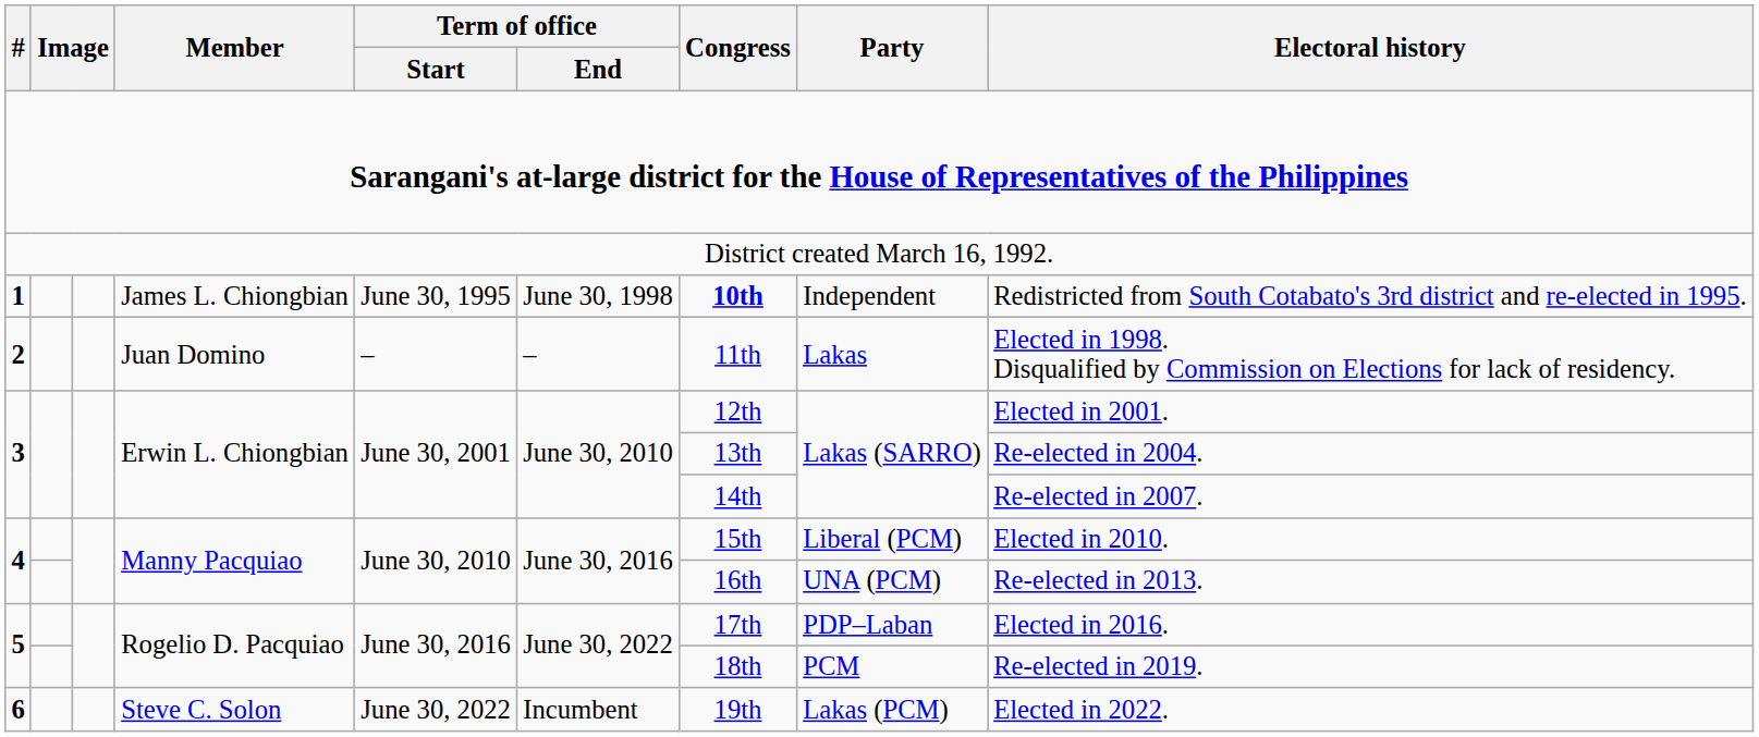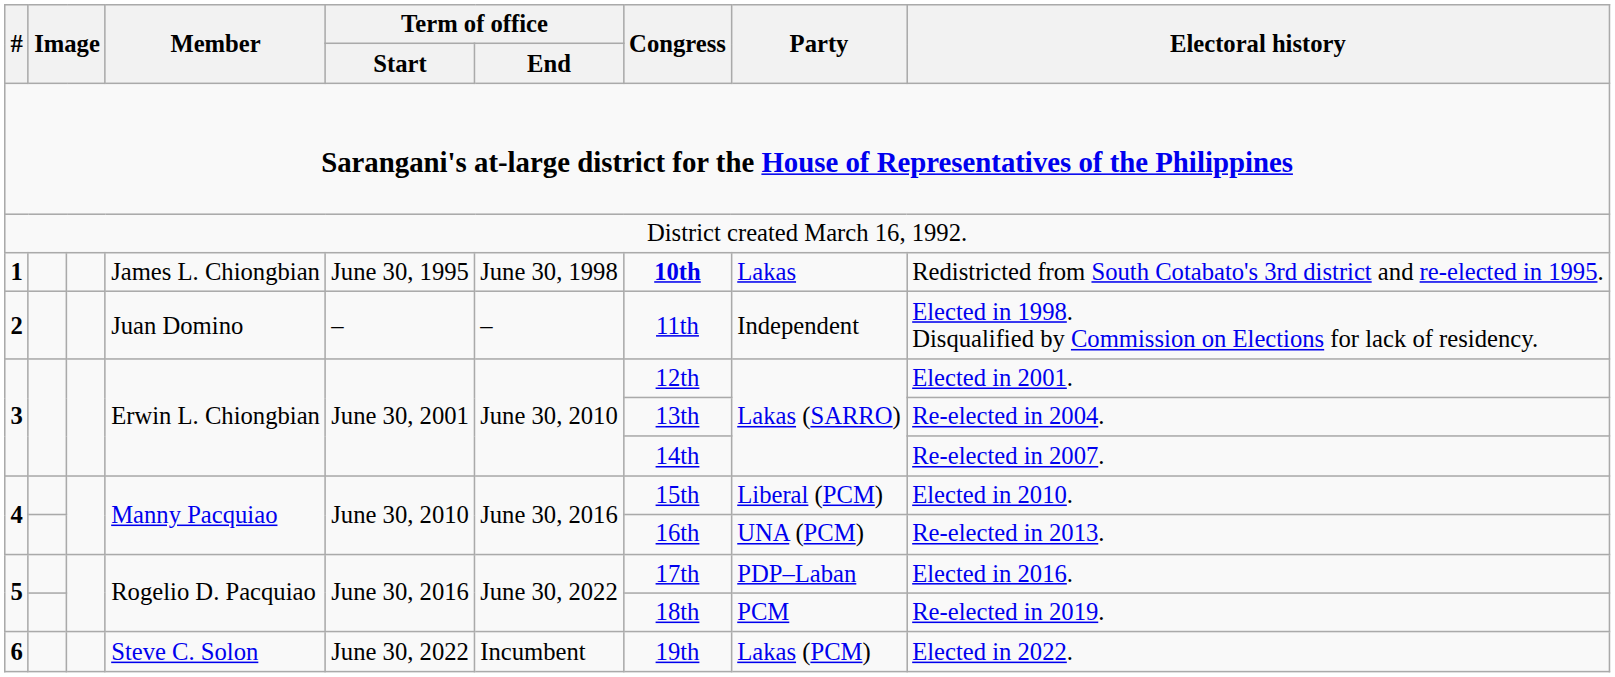 <table class=wikitable>
 <tr>
 <th rowspan="2">#</th>
 <th rowspan="2" colspan=2>Image</th>
 <th rowspan="2">Member</th>
 <th colspan=2>Term of office</th>
 <th rowspan="2">Congress</th>
 <th rowspan="2">Party</th>
 <th rowspan="2">Electoral history</th>
 </tr>
 <tr>
 <th>Start</th>
 <th>End</th>
 </tr>
 <tr>
 <td colspan="9" style="text-align:center;"><br><h3>Sarangani's at-large district for the <a href='#'>House of Representatives of the Philippines</a></h3></td>
 </tr>
 <tr>
 <td colspan="9" style="text-align:center;">District created March 16, 1992.</td>
 </tr>
 <tr>
 <td style="text-align:center;"><strong>1</strong></td>
 <td style="color:inherit;background:"></td>
 <td></td>
 <td>James L. Chiongbian</td>
 <td>June 30, 1995</td>
 <td>June 30, 1998</td>
 <td style="text-align:center;"><strong><a href='#'>10th</a></strong></td>
-<td>Independent</td>
+<td><a href='#'>Lakas</a></td>
 <td>Redistricted from <a href='#'>South Cotabato's 3rd district</a> and <a href='#'>re-elected in 1995</a>.</td>
 </tr>
 <tr>
 <td style="text-align:center;"><strong>2</strong></td>
 <td style="color:inherit;background:"></td>
 <td></td>
 <td>Juan Domino</td>
 <td>–</td>
 <td>–</td>
 <td style="text-align:center;"><a href='#'>11th</a></td>
-<td><a href='#'>Lakas</a></td>
+<td>Independent</td>
 <td><a href='#'>Elected in 1998</a>.<br>Disqualified by <a href='#'>Commission on Elections</a> for lack of residency. </td>
 </tr>
 <tr>
 <td rowspan="3" style="text-align:center;"><strong>3</strong></td>
 <td rowspan="3" style="color:inherit;background:"></td>
 <td rowspan="3"></td>
 <td rowspan="3">Erwin L. Chiongbian</td>
 <td rowspan="3">June 30, 2001</td>
 <td rowspan="3">June 30, 2010</td>
 <td style="text-align:center;"><a href='#'>12th</a></td>
 <td rowspan="3"><a href='#'>Lakas</a> (<a href='#'>SARRO</a>)</td>
 <td><a href='#'>Elected in 2001</a>.</td>
 </tr>
 <tr>
 <td style="text-align:center;"><a href='#'>13th</a></td>
 <td><a href='#'>Re-elected in 2004</a>.</td>
 </tr>
 <tr>
 <td style="text-align:center;"><a href='#'>14th</a></td>
 <td><a href='#'>Re-elected in 2007</a>.</td>
 </tr>
 <tr>
 <td rowspan="2" style="text-align:center;"><strong>4</strong></td>
 <td style="color:inherit;background:"></td>
 <td rowspan="2"></td>
 <td rowspan="2"><a href='#'>Manny Pacquiao</a></td>
 <td rowspan="2">June 30, 2010</td>
 <td rowspan="2">June 30, 2016</td>
 <td style="text-align:center;"><a href='#'>15th</a></td>
 <td><a href='#'>Liberal</a> (<a href='#'>PCM</a>)</td>
 <td><a href='#'>Elected in 2010</a>.</td>
 </tr>
 <tr>
 <td style="color:inherit;background:"></td>
 <td style="text-align:center;"><a href='#'>16th</a></td>
 <td><a href='#'>UNA</a> (<a href='#'>PCM</a>)</td>
 <td><a href='#'>Re-elected in 2013</a>.</td>
 </tr>
 <tr>
 <td rowspan="2" style="text-align:center;"><strong>5</strong></td>
 <td style="color:inherit;background:"></td>
 <td rowspan="2"></td>
 <td rowspan="2">Rogelio D. Pacquiao</td>
 <td rowspan="2">June 30, 2016</td>
 <td rowspan="2">June 30, 2022</td>
 <td style="text-align:center;"><a href='#'>17th</a></td>
 <td><a href='#'>PDP–Laban</a></td>
 <td><a href='#'>Elected in 2016</a>.</td>
 </tr>
 <tr>
 <td style="color:inherit;background:"></td>
 <td style="text-align:center;"><a href='#'>18th</a></td>
 <td><a href='#'>PCM</a></td>
 <td><a href='#'>Re-elected in 2019</a>.</td>
 </tr>
 <tr>
 <td style="text-align:center;"><strong>6</strong></td>
 <td style="color:inherit;background:"></td>
 <td></td>
 <td><a href='#'>Steve C. Solon</a></td>
 <td>June 30, 2022</td>
 <td>Incumbent</td>
 <td style="text-align:center;"><a href='#'>19th</a></td>
 <td><a href='#'>Lakas</a> (<a href='#'>PCM</a>)</td>
 <td><a href='#'>Elected in 2022</a>.</td>
 </tr>
 </table>
